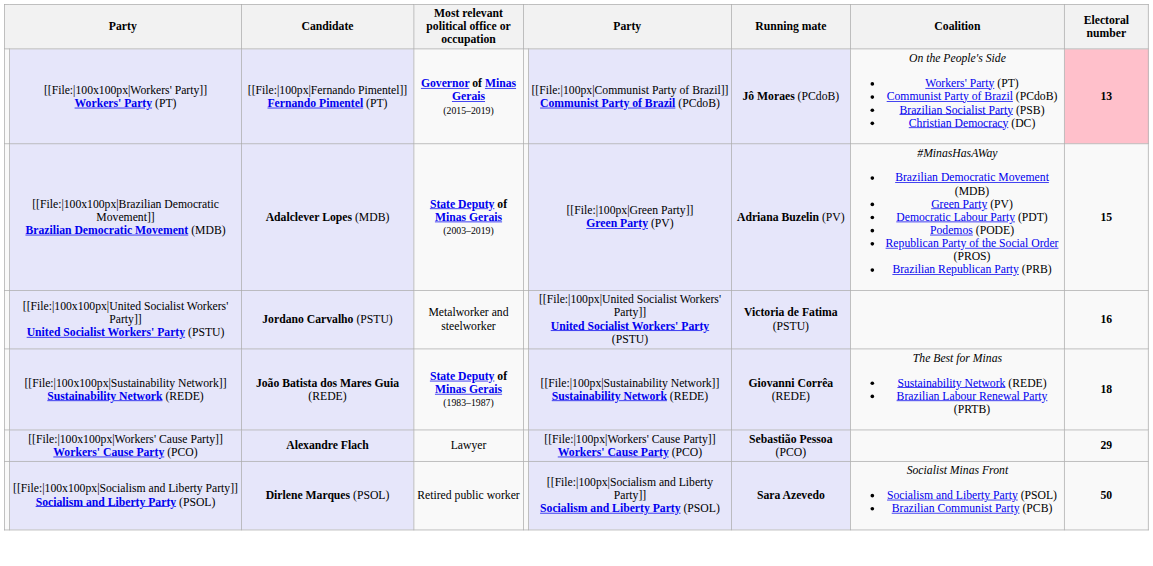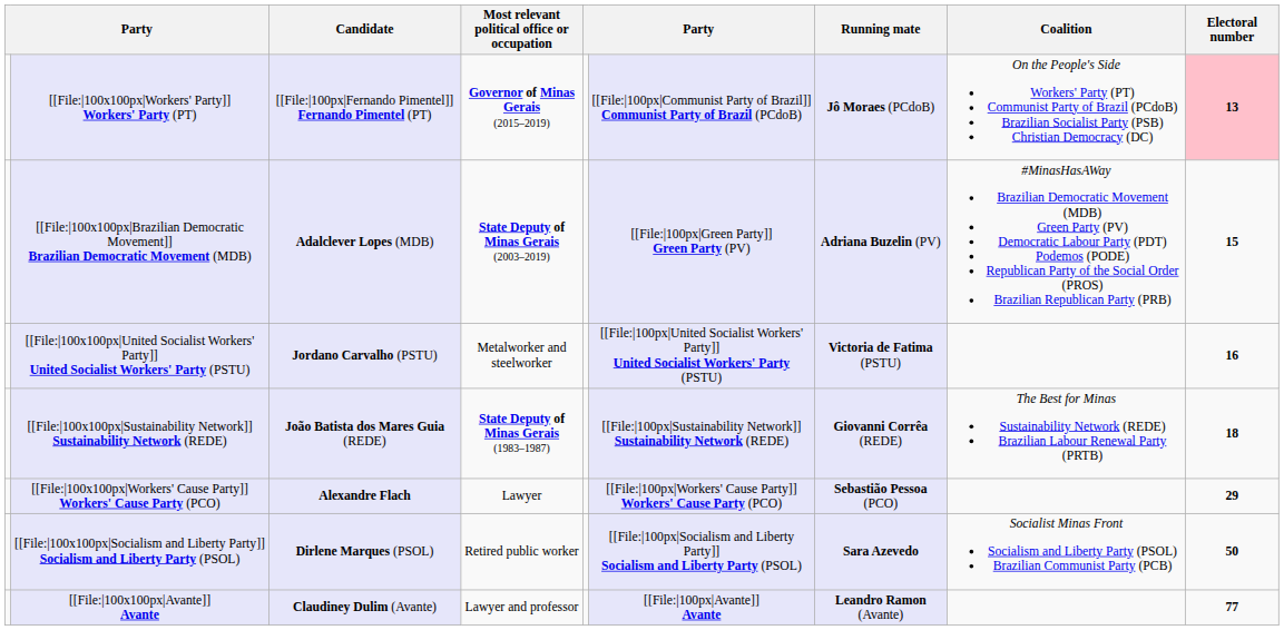 <table class="wikitable" style="text-align:center">
 <tr>
 <th colspan="2">Party</th>
 <th>Candidate</th>
 <th style="max-width:10em">Most relevant political office or occupation</th>
 <th colspan="2">Party</th>
 <th>Running mate</th>
 <th>Coalition</th>
 <th>Electoral number</th>
 </tr>
 <tr>
 <td style="background:"></td>
 <td style="background:lavender;" max-width:150px>[[File:|100x100px|Workers' Party]]<br><strong><a href='#'>Workers' Party</a></strong> (PT)</td>
 <td style="background:lavender;" max-width:150px>[[File:|100px|Fernando Pimentel]]<br><strong><a href='#'>Fernando Pimentel</a></strong> (PT)</td>
 <td style="max-width:10em"><strong><a href='#'>Governor</a> of <a href='#'>Minas Gerais</a></strong><br><small>(2015–2019)</small></td>
 <td style="background:"></td>
 <td style="background:lavender;" max-width:150px>[[File:|100px|Communist Party of Brazil]]<br><strong><a href='#'>Communist Party of Brazil</a></strong> (PCdoB)</td>
 <td style="background:lavender;" max-width:150px><strong>Jô Moraes</strong> (PCdoB)</td>
 <td><em>On the People's Side</em><br><ul><li><a href='#'>Workers' Party</a> (PT)</li><li><a href='#'>Communist Party of Brazil</a> (PCdoB)</li><li><a href='#'>Brazilian Socialist Party</a> (PSB)</li><li><a href='#'>Christian Democracy</a> (DC)</li></ul></td>
 <td style="background: pink;"><strong>13</strong></td>
 </tr>
 <tr>
 <td style="background:"></td>
 <td style="background:lavender;" max-width:150px>[[File:|100x100px|Brazilian Democratic Movement]]<br><strong><a href='#'>Brazilian Democratic Movement</a></strong> (MDB)</td>
 <td style="background:lavender;" max-width:150px><strong>Adalclever Lopes</strong> (MDB)</td>
 <td style="max-width:10em"><strong><a href='#'>State Deputy</a> of <a href='#'>Minas Gerais</a></strong><br><small>(2003–2019)</small></td>
 <td style="background:"></td>
 <td style="background:lavender;" max-width:150px>[[File:|100px|Green Party]]<br><strong><a href='#'>Green Party</a></strong> (PV)</td>
 <td style="background:lavender;" max-width:150px><strong>Adriana Buzelin</strong> (PV)</td>
 <td><em>#MinasHasAWay</em><br><ul><li><a href='#'>Brazilian Democratic Movement</a> (MDB)</li><li><a href='#'>Green Party</a> (PV)</li><li><a href='#'>Democratic Labour Party</a> (PDT)</li><li><a href='#'>Podemos</a> (PODE)</li><li><a href='#'>Republican Party of the Social Order</a> (PROS)</li><li><a href='#'>Brazilian Republican Party</a> (PRB)</li></ul></td>
 <td><strong>15</strong></td>
 </tr>
 <tr>
 <td style="background:"></td>
 <td style="background:lavender;" max-width:150px>[[File:|100x100px|United Socialist Workers' Party]]<br><strong><a href='#'>United Socialist Workers' Party</a></strong> (PSTU)</td>
 <td style="background:lavender;" max-width:150px><strong>Jordano Carvalho</strong> (PSTU)</td>
 <td style="max-width:10em">Metalworker and steelworker</td>
 <td style="background:"></td>
 <td style="background:lavender;" max-width:150px>[[File:|100px|United Socialist Workers' Party]]<br><strong><a href='#'>United Socialist Workers' Party</a></strong> (PSTU)</td>
 <td style="background:lavender;" max-width:150px><strong>Victoria de Fatima</strong> (PSTU)</td>
 <td></td>
 <td><strong>16</strong></td>
 </tr>
 <tr>
 <td style="background:"></td>
 <td style="background:lavender;" max-width:150px>[[File:|100x100px|Sustainability Network]]<br><strong><a href='#'>Sustainability Network</a></strong> (REDE)</td>
 <td style="background:lavender;" max-width:150px><strong>João Batista dos Mares Guia</strong> (REDE)</td>
 <td style="max-width:10em"><strong><a href='#'>State Deputy</a> of <a href='#'>Minas Gerais</a></strong><br><small>(1983–1987)</small></td>
 <td style="background:"></td>
 <td style="background:lavender;" max-width:150px>[[File:|100px|Sustainability Network]]<br><strong><a href='#'>Sustainability Network</a></strong> (REDE)</td>
 <td style="background:lavender;" max-width:150px><strong>Giovanni Corrêa</strong> (REDE)</td>
 <td><em>The Best for Minas</em><br><ul><li><a href='#'>Sustainability Network</a> (REDE)</li><li><a href='#'>Brazilian Labour Renewal Party</a> (PRTB)</li></ul></td>
 <td><strong>18</strong></td>
 </tr>
 <tr>
 <td style="background:"></td>
 <td style="background:lavender;" max-width:150px>[[File:|100x100px|Workers' Cause Party]]<br><strong><a href='#'>Workers' Cause Party</a></strong> (PCO)</td>
 <td style="background:lavender;" max-width:150px><strong>Alexandre Flach</strong></td>
 <td style="max-width:10em">Lawyer</td>
 <td style="background:"></td>
 <td style="background:lavender;" max-width:150px>[[File:|100px|Workers' Cause Party]]<br><strong><a href='#'>Workers' Cause Party</a></strong> (PCO)</td>
 <td style="background:lavender;" max-width:150px><strong>Sebastião Pessoa</strong> (PCO)</td>
 <td></td>
 <td><strong>29</strong></td>
 </tr>
 <tr>
 <td style="background:"></td>
 <td style="background:lavender;" max-width:150px>[[File:|100x100px|Socialism and Liberty Party]]<br><strong><a href='#'>Socialism and Liberty Party</a></strong> (PSOL)</td>
 <td style="background:lavender;" max-width:150px><strong>Dirlene Marques</strong> (PSOL)</td>
 <td style="max-width:10em">Retired public worker</td>
 <td style="background:"></td>
 <td style="background:lavender;" max-width:150px>[[File:|100px|Socialism and Liberty Party]]<br><strong><a href='#'>Socialism and Liberty Party</a></strong> (PSOL)</td>
 <td style="background:lavender;" max-width:150px><strong>Sara Azevedo</strong></td>
 <td><em>Socialist Minas Front</em><br><ul><li><a href='#'>Socialism and Liberty Party</a> (PSOL)</li><li><a href='#'>Brazilian Communist Party</a> (PCB)</li></ul></td>
 <td><strong>50</strong></td>
 </tr>
+<tr>
+<td style="background:"></td>
+<td style="background:lavender;" max-width:150px>[[File:|100x100px|Avante]]<br><strong><a href='#'>Avante</a></strong></td>
+<td style="background:lavender;" max-width:150px><strong>Claudiney Dulim</strong> (Avante)</td>
+<td style="max-width:10em">Lawyer and professor</td>
+<td style="background:"></td>
+<td style="background:lavender;" max-width:150px>[[File:|100px|Avante]]<br><strong><a href='#'>Avante</a></strong></td>
+<td style="background:lavender;" max-width:150px><strong>Leandro Ramon</strong> (Avante)</td>
+<td></td>
+<td><strong>77</strong></td>
+</tr>
 </table>
